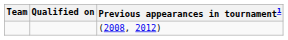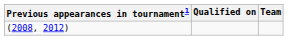 <table class="wikitable sortable" style="text-align: left;">
 <tr>
+<th>Previous appearances in tournament<sup><strong><a href='#'>1</a></strong></sup></th>
+<th>Qualified on</th>
 <th>Team</th>
-<th>Qualified on</th>
-<th>Previous appearances in tournament<sup><strong><a href='#'>1</a></strong></sup></th>
 </tr>
 <tr>
+<td> (<a href='#'>2008</a>, <a href='#'>2012</a>)</td>
 <td></td>
 <td></td>
-<td> (<a href='#'>2008</a>, <a href='#'>2012</a>)</td>
 </tr>
 </table>
